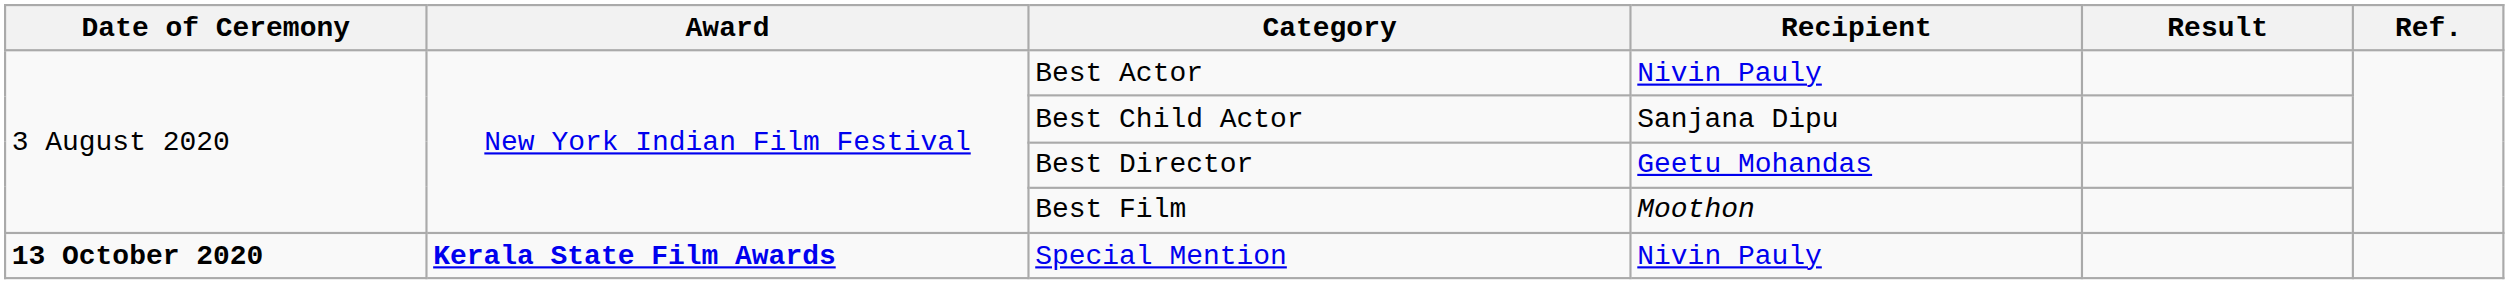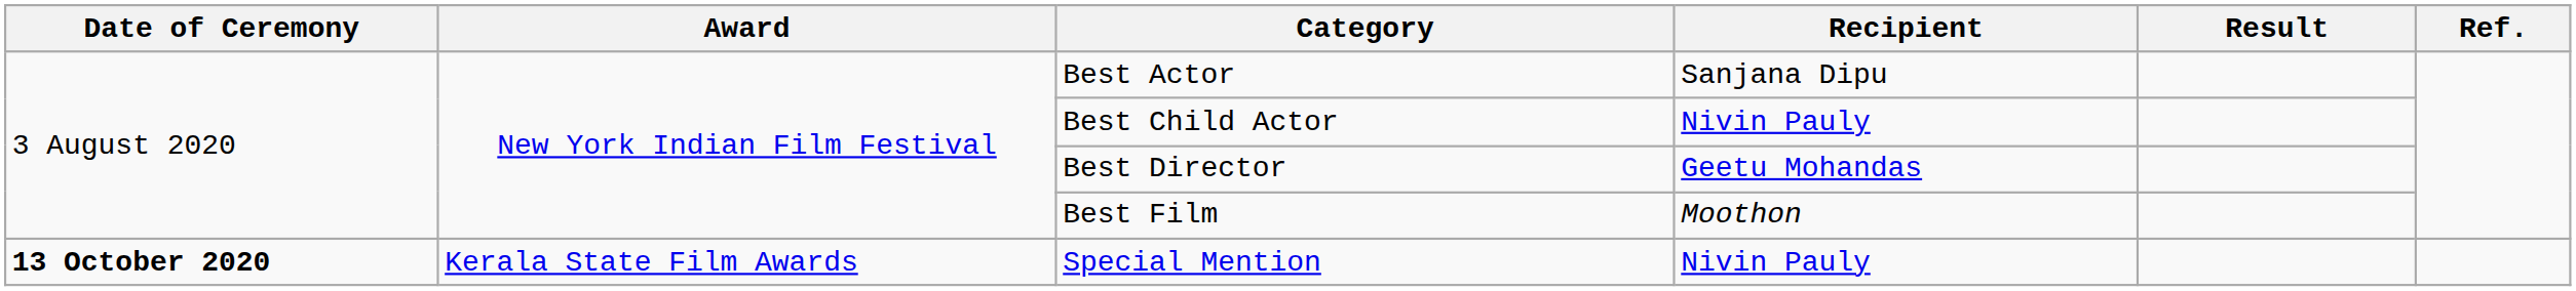 <table class="wikitable">
 <tr>
 <th style="width:14%;">Date of Ceremony</th>
 <th style="width:20%;">Award</th>
 <th style="width:20%;">Category</th>
 <th style="width:15%;">Recipient</th>
 <th width=9%>Result</th>
 <th width=5%>Ref.</th>
 </tr>
 <tr>
 <td rowspan=4>3 August 2020</td>
 <td style="text-align:center" rowspan=4><a href='#'>New York Indian Film Festival</a></td>
 <td>Best Actor</td>
-<td><a href='#'>Nivin Pauly</a></td>
+<td>Sanjana Dipu</td>
 <td></td>
 <td rowspan=4></td>
 </tr>
 <tr>
 <td>Best Child Actor</td>
-<td>Sanjana Dipu</td>
+<td><a href='#'>Nivin Pauly</a></td>
 <td></td>
 </tr>
 <tr>
 <td>Best Director</td>
 <td><a href='#'>Geetu Mohandas</a></td>
 <td></td>
 </tr>
 <tr>
 <td>Best Film</td>
 <td><em>Moothon</em></td>
 <td></td>
 </tr>
 <tr>
 <td><strong>13 October 2020</strong></td>
-<td><strong><a href='#'>Kerala State Film Awards</a></strong></td>
+<td><a href='#'>Kerala State Film Awards</a></td>
 <td><a href='#'>Special Mention</a></td>
 <td><a href='#'>Nivin Pauly</a></td>
 <td></td>
 </tr>
 </table>
